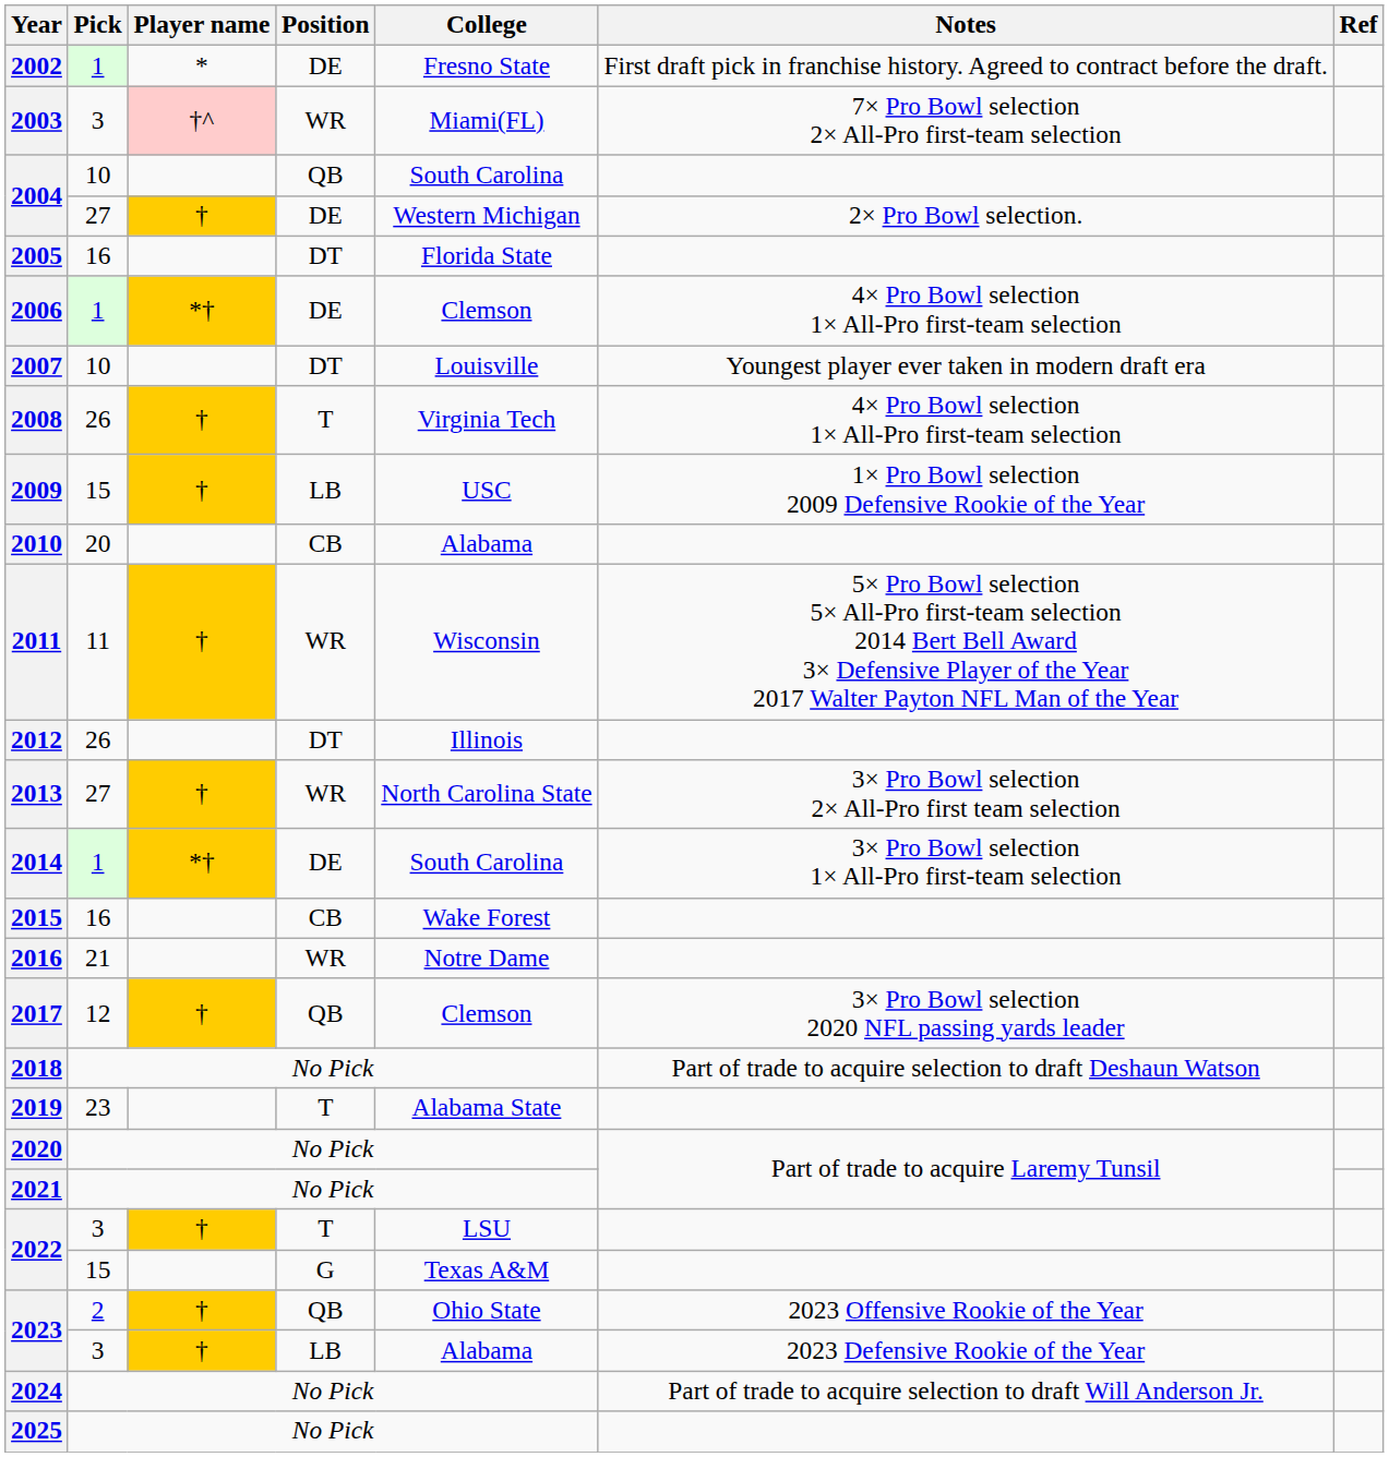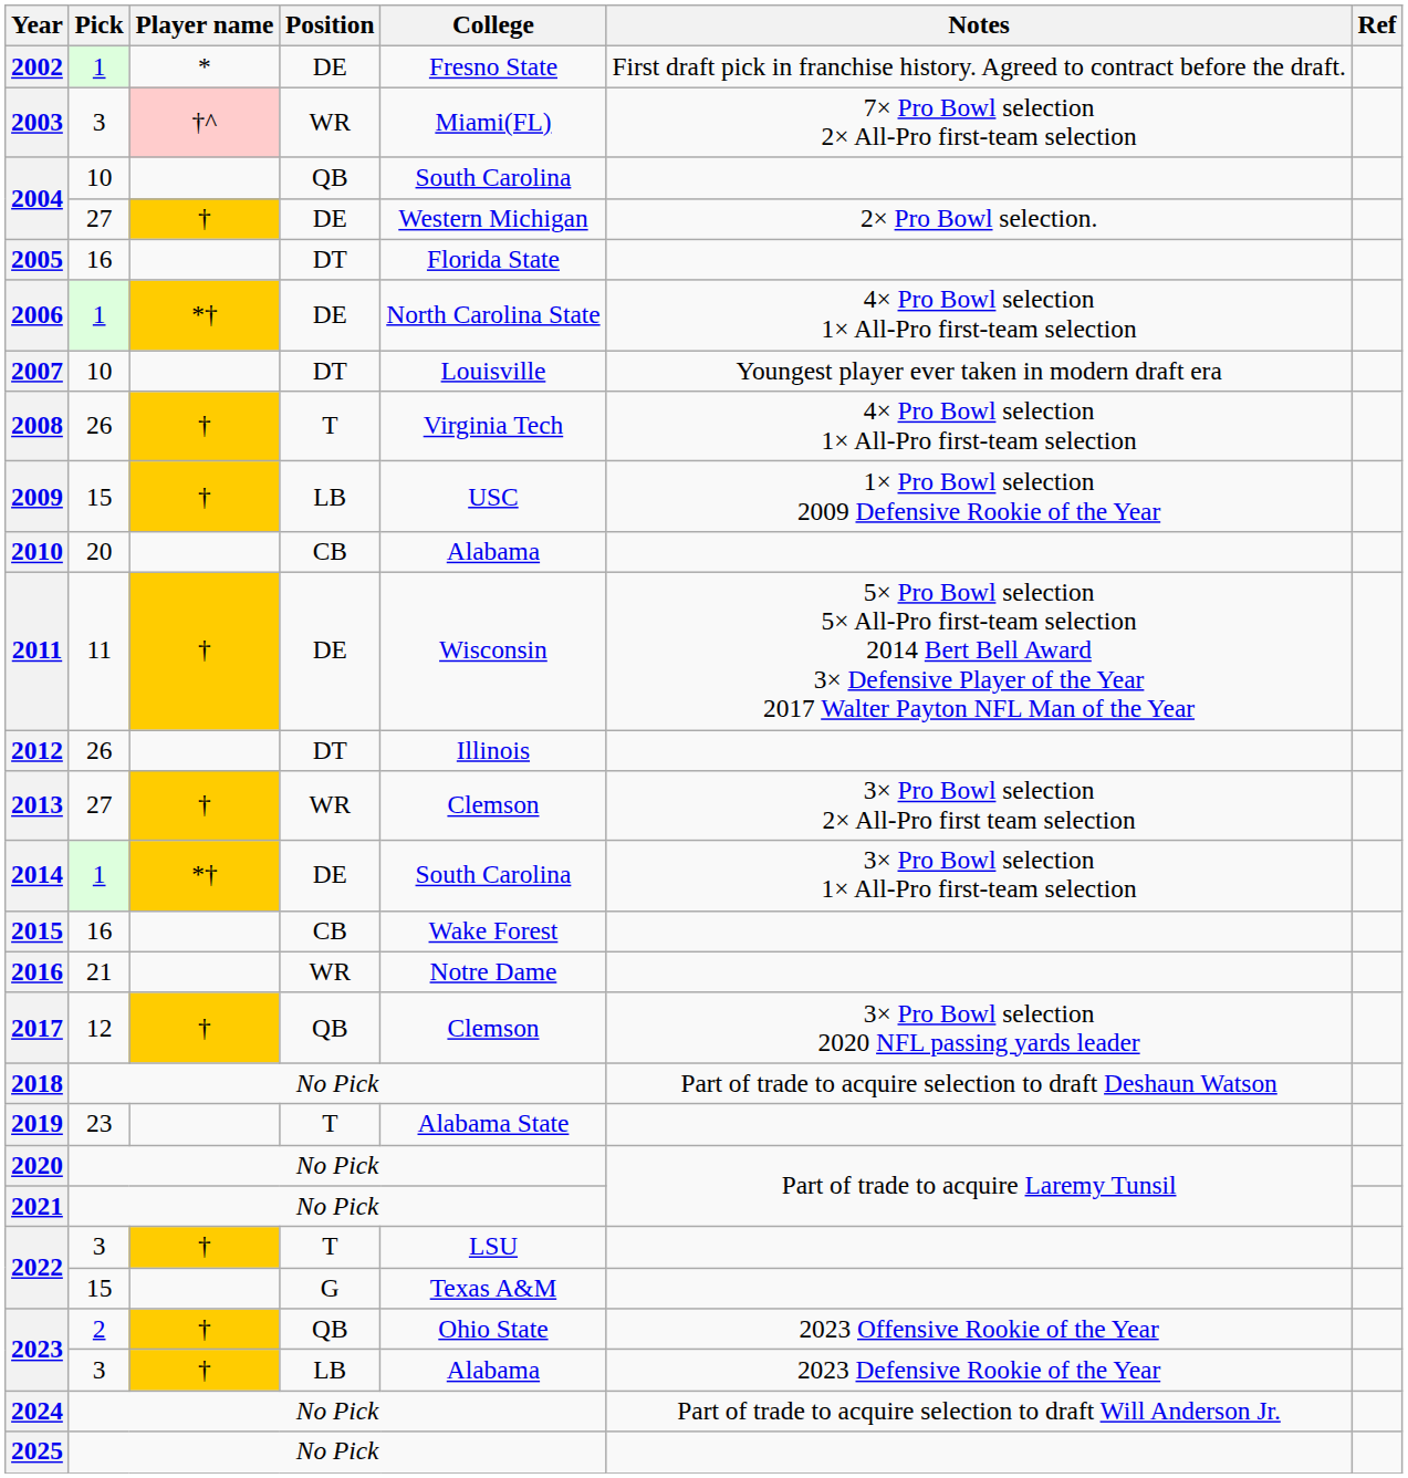 <table class="wikitable sortable" style="text-align: center;">
 <tr>
 <th scope="col">Year</th>
 <th scope="col">Pick</th>
 <th scope="col">Player name</th>
 <th scope="col">Position</th>
 <th scope="col">College</th>
 <th scope="col" class="unsortable">Notes</th>
 <th scope="col" class="unsortable">Ref</th>
 </tr>
 <tr>
 <th scope="row"><a href='#'>2002</a></th>
 <td style="background:#dfd;"><a href='#'>1</a></td>
 <td>*</td>
 <td>DE</td>
 <td><a href='#'>Fresno State</a></td>
 <td>First draft pick in franchise history. Agreed to contract before the draft.</td>
 <td></td>
 </tr>
 <tr>
 <th scope="row"><a href='#'>2003</a></th>
 <td>3</td>
 <td style="background-color:#fcc;"> †^</td>
 <td>WR</td>
 <td><a href='#'>Miami(FL)</a></td>
 <td>7× <a href='#'>Pro Bowl</a> selection<br>2× All-Pro first-team selection</td>
 <td></td>
 </tr>
 <tr>
 <th scope=row rowspan="2"><a href='#'>2004</a></th>
 <td>10</td>
 <td></td>
 <td>QB</td>
 <td><a href='#'>South Carolina</a></td>
 <td></td>
 <td></td>
 </tr>
 <tr>
 <td>27</td>
 <td style="background-color:#FFCC00;">†</td>
 <td>DE</td>
 <td><a href='#'>Western Michigan</a></td>
 <td>2× <a href='#'>Pro Bowl</a> selection.</td>
 <td></td>
 </tr>
 <tr>
 <th scope="row"><a href='#'>2005</a></th>
 <td>16</td>
 <td></td>
 <td>DT</td>
 <td><a href='#'>Florida State</a></td>
 <td></td>
 <td></td>
 </tr>
 <tr>
 <th scope="row"><a href='#'>2006</a></th>
 <td style="background:#dfd;"><a href='#'>1</a></td>
 <td style="background-color:#FFCC00;">*†</td>
 <td>DE</td>
-<td><a href='#'>Clemson</a></td>
+<td><a href='#'>North Carolina State</a></td>
 <td>4× <a href='#'>Pro Bowl</a> selection<br>1× All-Pro first-team selection</td>
 <td></td>
 </tr>
 <tr>
 <th scope="row"><a href='#'>2007</a></th>
 <td>10</td>
 <td></td>
 <td>DT</td>
 <td><a href='#'>Louisville</a></td>
 <td>Youngest player ever taken in modern draft era</td>
 <td></td>
 </tr>
 <tr>
 <th scope="row"><a href='#'>2008</a></th>
 <td>26</td>
 <td style="background-color:#FFCC00;">†</td>
 <td>T</td>
 <td><a href='#'>Virginia Tech</a></td>
 <td>4× <a href='#'>Pro Bowl</a> selection<br>1× All-Pro first-team selection</td>
 <td></td>
 </tr>
 <tr>
 <th scope="row"><a href='#'>2009</a></th>
 <td>15</td>
 <td style="background-color:#FFCC00;">†</td>
 <td>LB</td>
 <td><a href='#'>USC</a></td>
 <td>1× <a href='#'>Pro Bowl</a> selection<br>2009 <a href='#'>Defensive Rookie of the Year</a></td>
 <td></td>
 </tr>
 <tr>
 <th scope="row"><a href='#'>2010</a></th>
 <td>20</td>
 <td></td>
 <td>CB</td>
 <td><a href='#'>Alabama</a></td>
 <td></td>
 <td></td>
 </tr>
 <tr>
 <th scope="row"><a href='#'>2011</a></th>
 <td>11</td>
 <td style="background-color:#FFCC00;">†</td>
-<td>WR</td>
+<td>DE</td>
 <td><a href='#'>Wisconsin</a></td>
 <td>5× <a href='#'>Pro Bowl</a> selection<br>5× All-Pro first-team selection<br>2014 <a href='#'>Bert Bell Award</a><br>3× <a href='#'>Defensive Player of the Year</a><br>2017 <a href='#'>Walter Payton NFL Man of the Year</a></td>
 <td></td>
 </tr>
 <tr>
 <th scope="row"><a href='#'>2012</a></th>
 <td>26</td>
 <td></td>
 <td>DT</td>
 <td><a href='#'>Illinois</a></td>
 <td></td>
 <td></td>
 </tr>
 <tr>
 <th scope="row"><a href='#'>2013</a></th>
 <td>27</td>
 <td style="background-color:#FFCC00;">†</td>
 <td>WR</td>
-<td><a href='#'>North Carolina State</a></td>
+<td><a href='#'>Clemson</a></td>
 <td>3× <a href='#'>Pro Bowl</a> selection<br>2× All-Pro first team selection</td>
 <td></td>
 </tr>
 <tr>
 <th scope="row"><a href='#'>2014</a></th>
 <td style="background:#dfd;"><a href='#'>1</a></td>
 <td style="background-color:#FFCC00;">*†</td>
 <td>DE</td>
 <td><a href='#'>South Carolina</a></td>
 <td>3× <a href='#'>Pro Bowl</a> selection<br>1× All-Pro first-team selection</td>
 <td></td>
 </tr>
 <tr>
 <th scope="row"><a href='#'>2015</a></th>
 <td>16</td>
 <td></td>
 <td>CB</td>
 <td><a href='#'>Wake Forest</a></td>
 <td></td>
 <td></td>
 </tr>
 <tr>
 <th scope="row"><a href='#'>2016</a></th>
 <td>21</td>
 <td></td>
 <td>WR</td>
 <td><a href='#'>Notre Dame</a></td>
 <td></td>
 <td></td>
 </tr>
 <tr>
 <th scope="row"><a href='#'>2017</a></th>
 <td>12</td>
 <td style="background-color:#FFCC00;">†</td>
 <td>QB</td>
 <td><a href='#'>Clemson</a></td>
 <td>3× <a href='#'>Pro Bowl</a> selection<br>2020 <a href='#'>NFL passing yards leader</a></td>
 <td></td>
 </tr>
 <tr>
 <th scope="row"><a href='#'>2018</a></th>
 <td colspan="4"><em>No Pick</em></td>
 <td>Part of trade to acquire selection to draft <a href='#'>Deshaun Watson</a></td>
 <td></td>
 </tr>
 <tr>
 <th scope="row"><a href='#'>2019</a></th>
 <td>23</td>
 <td></td>
 <td>T</td>
 <td><a href='#'>Alabama State</a></td>
 <td></td>
 <td></td>
 </tr>
 <tr>
 <th scope="row"><a href='#'>2020</a></th>
 <td colspan="4"><em>No Pick</em></td>
 <td rowspan="2">Part of trade to acquire <a href='#'>Laremy Tunsil</a></td>
 <td></td>
 </tr>
 <tr>
 <th scope="row"><a href='#'>2021</a></th>
 <td colspan="4"><em>No Pick</em></td>
 <td></td>
 </tr>
 <tr>
 <th scope="row" rowspan="2"><a href='#'>2022</a></th>
 <td>3</td>
 <td style="background-color:#FFCC00;">†</td>
 <td>T</td>
 <td><a href='#'>LSU</a></td>
 <td></td>
 <td></td>
 </tr>
 <tr>
 <td>15</td>
 <td></td>
 <td>G</td>
 <td><a href='#'>Texas A&M</a></td>
 <td></td>
 <td Center></td>
 </tr>
 <tr>
 <th scope="row" rowspan="2"><a href='#'>2023</a></th>
 <td><a href='#'>2</a></td>
 <td style="background-color:#FFCC00;">†</td>
 <td>QB</td>
 <td><a href='#'>Ohio State</a></td>
 <td>2023 <a href='#'>Offensive Rookie of the Year</a></td>
 <td></td>
 </tr>
 <tr>
 <td>3</td>
 <td style="background-color:#FFCC00;">†</td>
 <td>LB</td>
 <td><a href='#'>Alabama</a></td>
 <td>2023 <a href='#'>Defensive Rookie of the Year</a></td>
 <td></td>
 </tr>
 <tr>
 <th scope="row"><a href='#'>2024</a></th>
 <td colspan="4"><em>No Pick</em></td>
 <td>Part of trade to acquire selection to draft <a href='#'>Will Anderson Jr.</a></td>
 <td></td>
 </tr>
 <tr>
 <th scope="row"><a href='#'>2025</a></th>
 <td colspan="4"><em>No Pick</em></td>
 <td></td>
 <td></td>
 </tr>
 </table>
